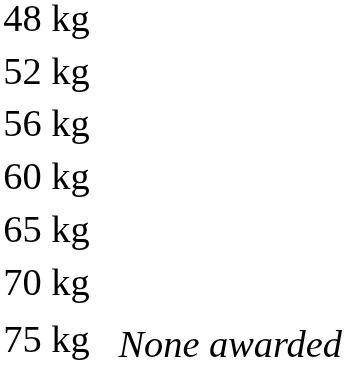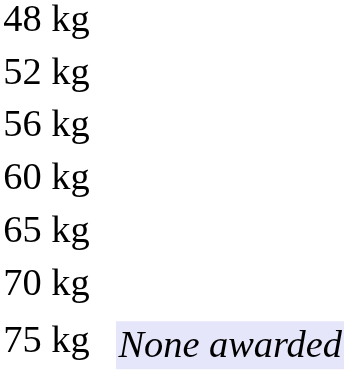 <table>
 <tr>
 <td rowspan=2>48 kg</td>
 <td rowspan=2></td>
 <td rowspan=2></td>
 <td></td>
 </tr>
 <tr>
 <td></td>
 </tr>
 <tr>
 <td rowspan=2>52 kg</td>
 <td rowspan=2></td>
 <td rowspan=2></td>
 <td></td>
 </tr>
 <tr>
 <td></td>
 </tr>
 <tr>
 <td rowspan=2>56 kg</td>
 <td rowspan=2></td>
 <td rowspan=2></td>
 <td></td>
 </tr>
 <tr>
 <td></td>
 </tr>
 <tr>
 <td rowspan=2>60 kg</td>
 <td rowspan=2></td>
 <td rowspan=2></td>
 <td></td>
 </tr>
 <tr>
 <td></td>
 </tr>
 <tr>
 <td rowspan=2>65 kg</td>
 <td rowspan=2></td>
 <td rowspan=2></td>
 <td></td>
 </tr>
 <tr>
 <td></td>
 </tr>
 <tr>
 <td rowspan=2>70 kg</td>
 <td rowspan=2></td>
 <td rowspan=2></td>
 <td></td>
 </tr>
 <tr>
 <td></td>
 </tr>
 <tr>
 <td rowspan=2>75 kg</td>
 <td rowspan=2></td>
 <td rowspan=2></td>
 <td></td>
 </tr>
 <tr>
-<td><em>None awarded</em></td>
+<td style="background: lavender;"><em>None awarded</em></td>
 </tr>
 </table>
